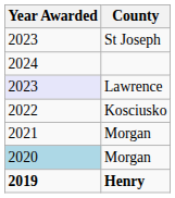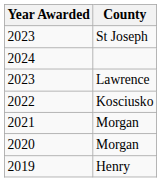 <table class="wikitable">
 <tr>
 <th>Year Awarded</th>
 <th>County</th>
 </tr>
 <tr>
 <td>2023</td>
 <td>St Joseph</td>
 </tr>
 <tr>
 <td>2024</td>
 <td></td>
 </tr>
 <tr>
-<td style="background: lavender;">2023</td>
+<td>2023</td>
 <td>Lawrence</td>
 </tr>
 <tr>
 <td>2022</td>
 <td>Kosciusko</td>
 </tr>
 <tr>
 <td>2021</td>
 <td>Morgan</td>
 </tr>
 <tr>
-<td style="background: lightblue;">2020</td>
+<td>2020</td>
 <td>Morgan</td>
 </tr>
 <tr>
-<td><strong>2019</strong></td>
-<td><strong>Henry</strong></td>
+<td>2019</td>
+<td>Henry</td>
 </tr>
 </table>
